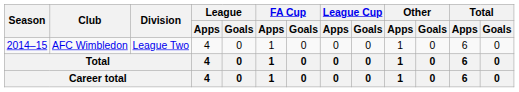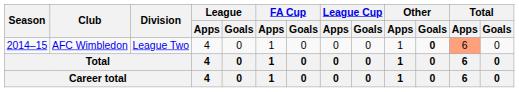 <table class="wikitable" style="text-align:center;">
 <tr>
 <th rowspan="2">Season</th>
 <th rowspan="2">Club</th>
 <th rowspan="2">Division</th>
 <th colspan="2">League</th>
 <th colspan="2"><a href='#'>FA Cup</a></th>
 <th colspan="2"><a href='#'>League Cup</a></th>
 <th colspan="2">Other</th>
 <th colspan="2">Total</th>
 </tr>
 <tr>
 <th>Apps</th>
 <th>Goals</th>
 <th>Apps</th>
 <th>Goals</th>
 <th>Apps</th>
 <th>Goals</th>
 <th>Apps</th>
 <th>Goals</th>
 <th>Apps</th>
 <th>Goals</th>
 </tr>
 <tr>
 <td><a href='#'>2014–15</a></td>
 <td><a href='#'>AFC Wimbledon</a></td>
 <td><a href='#'>League Two</a></td>
 <td>4</td>
 <td>0</td>
 <td>1</td>
 <td>0</td>
 <td>0</td>
 <td>0</td>
 <td>1</td>
-<td>0</td>
-<td>6</td>
+<td><strong>0</strong></td>
+<td style="background: lightsalmon;">6</td>
 <td>0</td>
 </tr>
 <tr>
 <th colspan="3">Total</th>
 <th>4</th>
 <th>0</th>
 <th>1</th>
 <th>0</th>
 <th>0</th>
 <th>0</th>
 <th>1</th>
 <th>0</th>
 <th>6</th>
 <th>0</th>
 </tr>
 <tr>
 <th colspan="3">Career total</th>
 <th>4</th>
 <th>0</th>
 <th>1</th>
 <th>0</th>
 <th>0</th>
 <th>0</th>
 <th>1</th>
 <th>0</th>
 <th>6</th>
 <th>0</th>
 </tr>
 </table>
